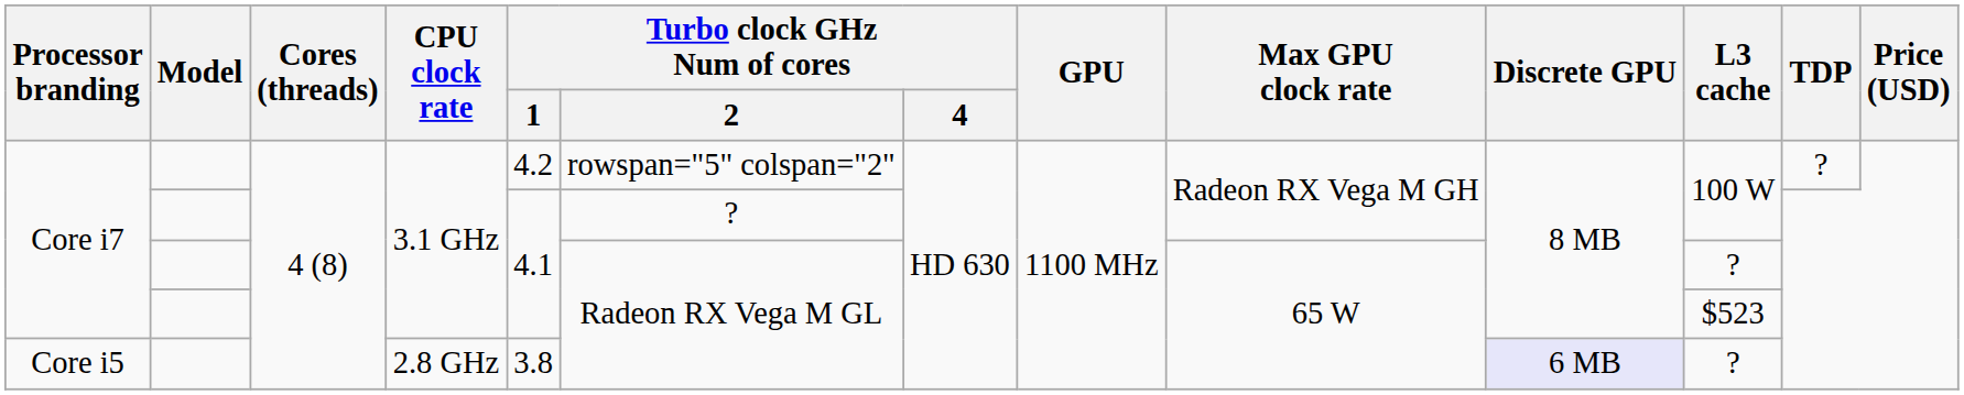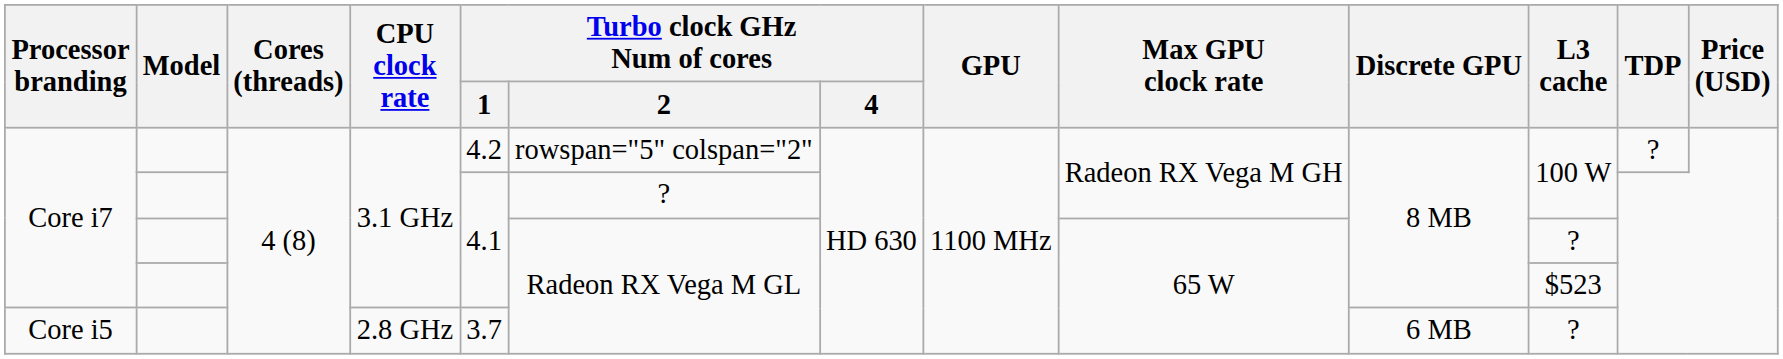 <table class="wikitable sortable" style="text-align: center;">
 <tr>
 <th rowspan="2">Processor<br>branding</th>
 <th rowspan="2">Model</th>
 <th rowspan="2">Cores<br>(threads)</th>
 <th rowspan="2">CPU<br><a href='#'>clock<br>rate</a></th>
 <th colspan="3"><a href='#'>Turbo</a> clock GHz<br>Num of cores</th>
 <th rowspan="2">GPU</th>
 <th rowspan="2">Max GPU<br>clock rate</th>
 <th rowspan="2">Discrete GPU</th>
 <th rowspan="2">L3<br>cache</th>
 <th rowspan="2">TDP</th>
 <th rowspan="2">Price<br>(USD)</th>
 </tr>
 <tr>
 <th>1</th>
 <th>2</th>
 <th>4</th>
 </tr>
 <tr>
 <td rowspan="4">Core i7</td>
 <td></td>
 <td rowspan="5">4 (8)</td>
 <td rowspan="4">3.1 GHz</td>
 <td>4.2</td>
 <td>rowspan="5" colspan="2"   </td>
 <td rowspan="5">HD 630</td>
 <td rowspan="5">1100 MHz</td>
 <td rowspan="2">Radeon RX Vega M GH</td>
 <td rowspan="4">8 MB</td>
 <td rowspan="2">100 W</td>
 <td>?</td>
 </tr>
 <tr>
 <td></td>
 <td rowspan="3">4.1</td>
 <td>?</td>
 </tr>
 <tr>
 <td></td>
 <td rowspan="3">Radeon RX Vega M GL</td>
 <td rowspan="3">65 W</td>
 <td>?</td>
 </tr>
 <tr>
 <td></td>
 <td>$523</td>
 </tr>
 <tr>
 <td>Core i5</td>
 <td></td>
 <td>2.8 GHz</td>
-<td>3.8</td>
-<td style="background: lavender;">6 MB</td>
+<td>3.7</td>
+<td>6 MB</td>
 <td>?</td>
 </tr>
 </table>
